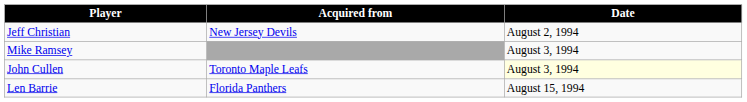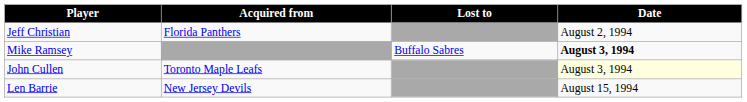 <table class="wikitable" style="width:80%;">
 <tr style="text-align:center; background:#ddd;">
 <th style="color:white; background:#000000; ">Player</th>
 <th style="color:white; background:#000000; ">Acquired from</th>
+<th style="color:white; background:#000000; ">Lost to</th>
 <th style="color:white; background:#000000; ">Date</th>
 </tr>
 <tr>
 <td><a href='#'>Jeff Christian</a></td>
-<td><a href='#'>New Jersey Devils</a></td>
+<td><a href='#'>Florida Panthers</a></td>
+<td style="background:darkgray;"></td>
 <td>August 2, 1994</td>
 </tr>
 <tr>
 <td><a href='#'>Mike Ramsey</a></td>
 <td style="background:darkgray;"></td>
-<td>August 3, 1994</td>
+<td><a href='#'>Buffalo Sabres</a></td>
+<td><strong>August 3, 1994</strong></td>
 </tr>
 <tr>
 <td><a href='#'>John Cullen</a></td>
 <td><a href='#'>Toronto Maple Leafs</a></td>
+<td style="background:darkgray;"></td>
 <td style="background: lightyellow;">August 3, 1994</td>
 </tr>
 <tr>
 <td><a href='#'>Len Barrie</a></td>
-<td><a href='#'>Florida Panthers</a></td>
+<td><a href='#'>New Jersey Devils</a></td>
+<td style="background:darkgray;"></td>
 <td>August 15, 1994</td>
 </tr>
 </table>
